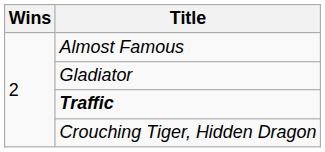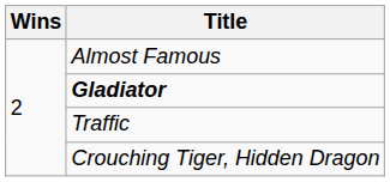 <table class="wikitable">
 <tr>
 <th>Wins</th>
 <th>Title</th>
 </tr>
 <tr>
 <td rowspan="4">2</td>
 <td><em>Almost Famous</em></td>
 </tr>
 <tr>
-<td><em>Gladiator</em></td>
+<td><strong><em>Gladiator</em></strong></td>
 </tr>
 <tr>
-<td><strong><em>Traffic</em></strong></td>
+<td><em>Traffic</em></td>
 </tr>
 <tr>
 <td><em>Crouching Tiger, Hidden Dragon</em></td>
 </tr>
 </table>
